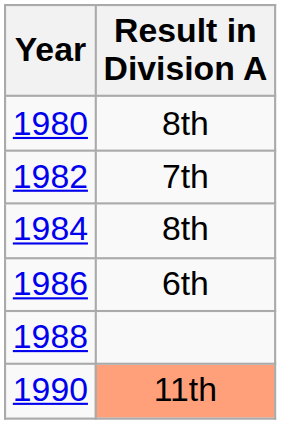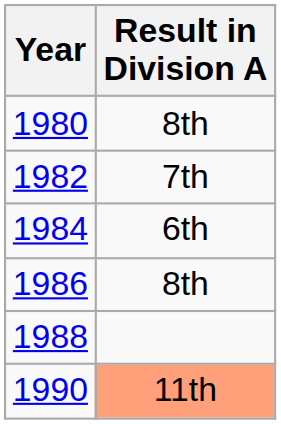 <table class="wikitable" style="text-align:center">
 <tr>
 <th>Year</th>
 <th>Result in<br>Division A</th>
 </tr>
 <tr>
 <td><a href='#'>1980</a></td>
 <td>8th</td>
 </tr>
 <tr>
 <td><a href='#'>1982</a></td>
 <td>7th</td>
 </tr>
 <tr>
 <td><a href='#'>1984</a></td>
-<td>8th</td>
+<td>6th</td>
 </tr>
 <tr>
 <td><a href='#'>1986</a></td>
-<td>6th</td>
+<td>8th</td>
 </tr>
 <tr>
 <td><a href='#'>1988</a></td>
 <td></td>
 </tr>
 <tr>
 <td><a href='#'>1990</a></td>
 <td style="background: lightsalmon;">11th</td>
 </tr>
 </table>
